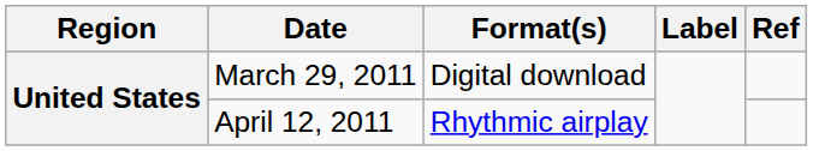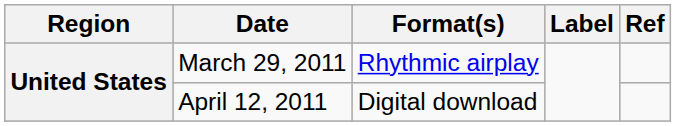 <table class="wikitable plainrowheaders">
 <tr>
 <th scope="col">Region</th>
 <th scope="col">Date</th>
 <th scope="col">Format(s)</th>
 <th scope="col">Label</th>
 <th scope="col">Ref</th>
 </tr>
 <tr>
 <th scope="row" rowspan="2">United States</th>
 <td>March 29, 2011</td>
-<td>Digital download</td>
+<td><a href='#'>Rhythmic airplay</a></td>
 <td rowspan="2"></td>
 <td></td>
 </tr>
 <tr>
 <td>April 12, 2011</td>
-<td><a href='#'>Rhythmic airplay</a></td>
+<td>Digital download</td>
 <td></td>
 </tr>
 </table>
